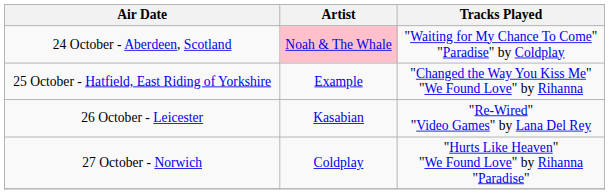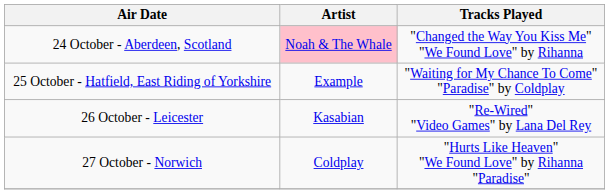 <table class="wikitable" style="text-align:center" width=80%>
 <tr>
 <th>Air Date</th>
 <th>Artist</th>
 <th>Tracks Played</th>
 </tr>
 <tr>
 <td>24 October - <a href='#'>Aberdeen</a>, <a href='#'>Scotland</a></td>
 <td style="background: pink;"><a href='#'>Noah & The Whale</a></td>
-<td>"<a href='#'>Waiting for My Chance To Come</a>"<br>"<a href='#'>Paradise</a>" by <a href='#'>Coldplay</a></td>
+<td>"<a href='#'>Changed the Way You Kiss Me</a>"<br>"<a href='#'>We Found Love</a>" by <a href='#'>Rihanna</a></td>
 </tr>
 <tr>
 <td>25 October - <a href='#'>Hatfield, East Riding of Yorkshire</a></td>
 <td><a href='#'>Example</a></td>
-<td>"<a href='#'>Changed the Way You Kiss Me</a>"<br>"<a href='#'>We Found Love</a>" by <a href='#'>Rihanna</a></td>
+<td>"<a href='#'>Waiting for My Chance To Come</a>"<br>"<a href='#'>Paradise</a>" by <a href='#'>Coldplay</a></td>
 </tr>
 <tr>
 <td>26 October - <a href='#'>Leicester</a></td>
 <td><a href='#'>Kasabian</a></td>
 <td>"<a href='#'>Re-Wired</a>"<br>"<a href='#'>Video Games</a>" by <a href='#'>Lana Del Rey</a></td>
 </tr>
 <tr>
 <td>27 October - <a href='#'>Norwich</a></td>
 <td><a href='#'>Coldplay</a></td>
 <td>"<a href='#'>Hurts Like Heaven</a>"<br>"<a href='#'>We Found Love</a>" by <a href='#'>Rihanna</a><br>"<a href='#'>Paradise</a>"</td>
 </tr>
 <tr>
 </tr>
 </table>
